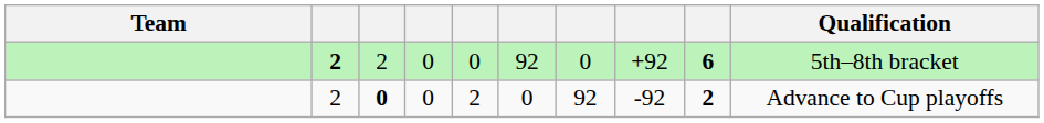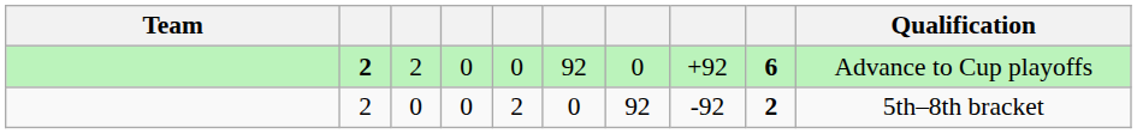 <table class="wikitable" style="text-align:center">
 <tr>
 <th style="width:12.5em">Team</th>
 <th style="width:1.5em;"></th>
 <th style="width:1.5em;"></th>
 <th style="width:1.5em;"></th>
 <th style="width:1.5em;"></th>
 <th style="width:2.0em;"></th>
 <th style="width:2.0em;"></th>
 <th style="width:2.5em;"></th>
 <th style="width:1.5em;"></th>
 <th style="width:12.5em">Qualification</th>
 </tr>
 <tr bgcolor=#bbf3bb>
 <td align=left></td>
 <td><strong>2</strong></td>
 <td>2</td>
 <td>0</td>
 <td>0</td>
 <td>92</td>
 <td>0</td>
 <td>+92</td>
 <td><strong>6</strong></td>
-<td>5th–8th bracket</td>
+<td>Advance to Cup playoffs</td>
 </tr>
 <tr>
 <td align=left></td>
 <td>2</td>
-<td><strong>0</strong></td>
+<td>0</td>
 <td>0</td>
 <td>2</td>
 <td>0</td>
 <td>92</td>
 <td>-92</td>
 <td><strong>2</strong></td>
-<td>Advance to Cup playoffs</td>
+<td>5th–8th bracket</td>
 </tr>
 </table>
